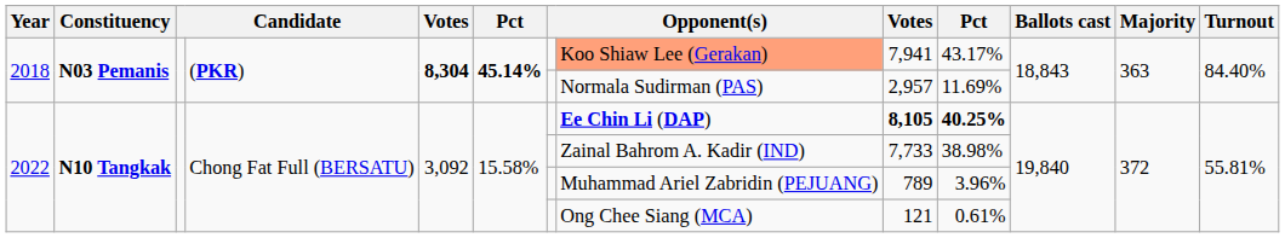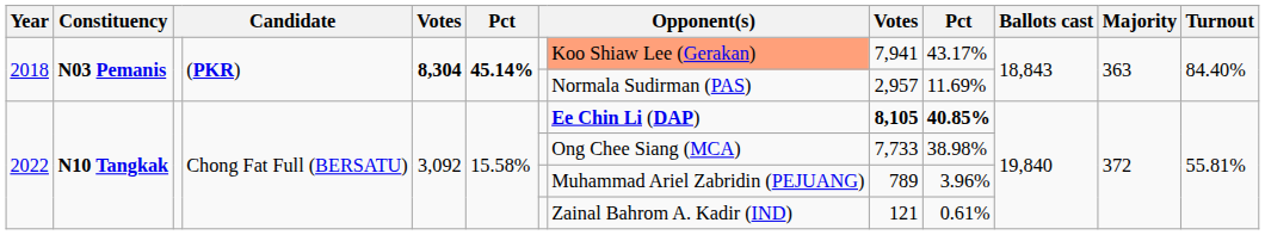 <table class="wikitable" style="margin:0.5em ; font-size:95%">
 <tr>
 <th>Year</th>
 <th>Constituency</th>
 <th colspan=2>Candidate</th>
 <th>Votes</th>
 <th>Pct</th>
 <th colspan=2>Opponent(s)</th>
 <th>Votes</th>
 <th>Pct</th>
 <th>Ballots cast</th>
 <th>Majority</th>
 <th>Turnout</th>
 </tr>
 <tr>
 <td rowspan=2><a href='#'>2018</a></td>
 <td rowspan=2><strong>N03 <a href='#'>Pemanis</a></strong></td>
 <td rowspan=2 ></td>
 <td rowspan=2> (<a href='#'><strong>PKR</strong></a>)</td>
 <td rowspan=2 align="right"><strong>8,304</strong></td>
 <td rowspan=2><strong>45.14%</strong></td>
 <td></td>
 <td style="background: lightsalmon;">Koo Shiaw Lee (<a href='#'>Gerakan</a>)</td>
 <td align="right">7,941</td>
 <td>43.17%</td>
 <td rowspan=2>18,843</td>
 <td rowspan=2>363</td>
 <td rowspan=2>84.40%</td>
 </tr>
 <tr>
 <td></td>
 <td>Normala Sudirman (<a href='#'>PAS</a>)</td>
 <td align="right">2,957</td>
 <td>11.69%</td>
 </tr>
 <tr>
 <td rowspan="4"><a href='#'>2022</a></td>
 <td rowspan="4"><strong>N10 <a href='#'>Tangkak</a></strong></td>
 <td rowspan="4" bgcolor=></td>
 <td rowspan="4">Chong Fat Full (<a href='#'>BERSATU</a>)</td>
 <td rowspan="4" align=right>3,092</td>
 <td rowspan="4">15.58%</td>
 <td></td>
 <td><strong><a href='#'>Ee Chin Li</a></strong> (<a href='#'><strong>DAP</strong></a>)</td>
 <td align=right><strong>8,105</strong></td>
-<td><strong>40.25%</strong></td>
+<td><strong>40.85%</strong></td>
 <td rowspan="4">19,840</td>
 <td rowspan="4">372</td>
 <td rowspan="4">55.81%</td>
 </tr>
 <tr>
 <td></td>
-<td>Zainal Bahrom A. Kadir (<a href='#'>IND</a>)</td>
+<td>Ong Chee Siang (<a href='#'>MCA</a>)</td>
 <td align=right>7,733</td>
 <td>38.98%</td>
 </tr>
 <tr>
 <td></td>
 <td>Muhammad Ariel Zabridin (<a href='#'>PEJUANG</a>)</td>
 <td align=right>789</td>
 <td align=right>3.96%</td>
 </tr>
 <tr>
 <td></td>
-<td>Ong Chee Siang (<a href='#'>MCA</a>)</td>
+<td>Zainal Bahrom A. Kadir (<a href='#'>IND</a>)</td>
 <td align=right>121</td>
 <td align=right>0.61%</td>
 </tr>
 </table>
